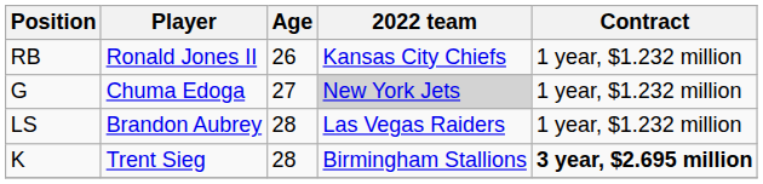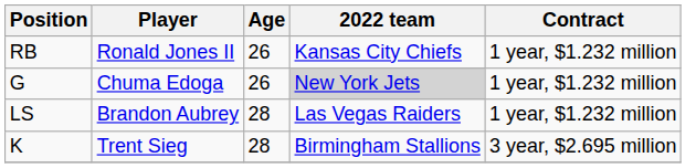 <table class="wikitable">
 <tr>
 <th>Position</th>
 <th>Player</th>
 <th>Age</th>
 <th>2022 team</th>
 <th>Contract</th>
 </tr>
 <tr>
 <td>RB</td>
 <td><a href='#'>Ronald Jones II</a></td>
 <td>26</td>
 <td><a href='#'>Kansas City Chiefs</a></td>
 <td>1 year, $1.232 million</td>
 </tr>
 <tr>
 <td>G</td>
 <td><a href='#'>Chuma Edoga</a></td>
-<td>27</td>
+<td>26</td>
 <td style="background: lightgrey;"><a href='#'>New York Jets</a></td>
 <td>1 year, $1.232 million</td>
 </tr>
 <tr>
 <td>LS</td>
 <td><a href='#'>Brandon Aubrey</a></td>
 <td>28</td>
 <td><a href='#'>Las Vegas Raiders</a></td>
 <td>1 year, $1.232 million</td>
 </tr>
 <tr>
 <td>K</td>
 <td><a href='#'>Trent Sieg</a></td>
 <td>28</td>
 <td><a href='#'>Birmingham Stallions</a></td>
-<td><strong>3 year, $2.695 million</strong></td>
+<td>3 year, $2.695 million</td>
 </tr>
 <tr>
 </tr>
 </table>
